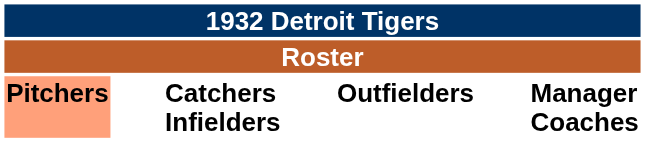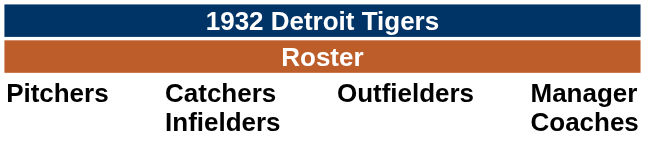 <table class="toccolours" style="font-size: 95%;">
 <tr>
 <th colspan="10" style="background-color: #003366; color: white; text-align: center;">1932 Detroit Tigers</th>
 </tr>
 <tr>
 <td colspan="10" style="background-color: #bd5d29; color: white; text-align: center;"><strong>Roster</strong></td>
 </tr>
 <tr>
-<td valign="top" style="background: lightsalmon;"><strong>Pitchers</strong><br>         </td>
+<td valign="top"><strong>Pitchers</strong><br>         </td>
 <td width="25px"></td>
 <td valign="top"><strong>Catchers</strong><br>    <strong>Infielders</strong>       </td>
 <td width="25px"></td>
 <td valign="top"><strong>Outfielders</strong><br>      </td>
 <td width="25px"></td>
 <td valign="top"><strong>Manager</strong><br> <strong>Coaches</strong>  </td>
 </tr>
 </table>
